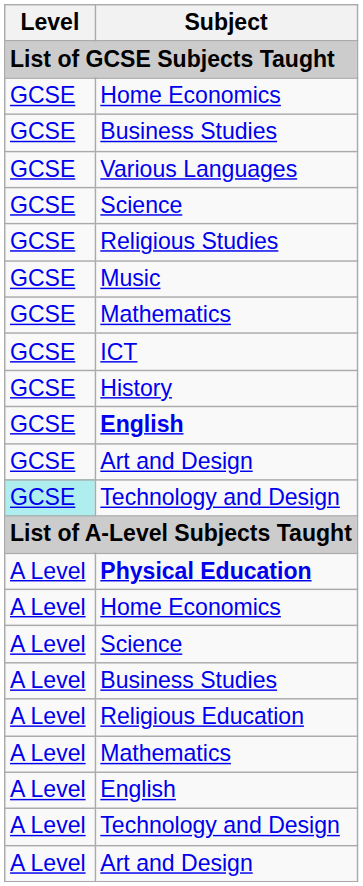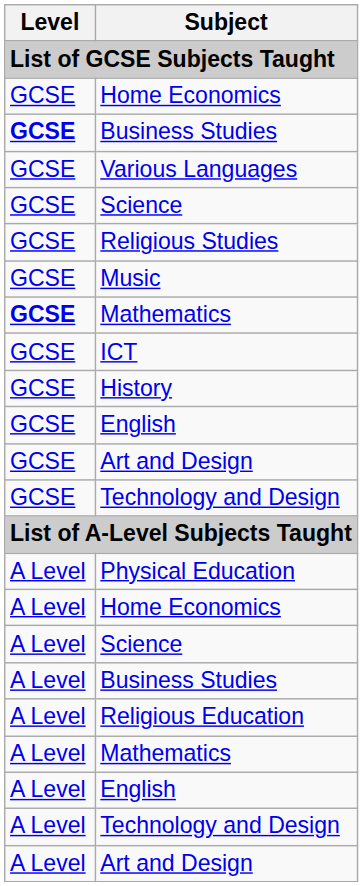 <table class="wikitable">
 <tr>
 <th><strong>Level</strong></th>
 <th><strong>Subject</strong></th>
 </tr>
 <tr>
 <td style="background:#ccc;" colspan="3"><strong>List of GCSE Subjects Taught</strong></td>
 </tr>
 <tr>
 <td><a href='#'>GCSE</a></td>
 <td><a href='#'>Home Economics</a></td>
 </tr>
 <tr>
-<td><a href='#'>GCSE</a></td>
+<td><strong><a href='#'>GCSE</a></strong></td>
 <td><a href='#'>Business Studies</a></td>
 </tr>
 <tr>
 <td><a href='#'>GCSE</a></td>
 <td><a href='#'>Various Languages</a></td>
 </tr>
 <tr>
 <td><a href='#'>GCSE</a></td>
 <td><a href='#'>Science</a></td>
 </tr>
 <tr>
 <td><a href='#'>GCSE</a></td>
 <td><a href='#'>Religious Studies</a></td>
 </tr>
 <tr>
 <td><a href='#'>GCSE</a></td>
 <td><a href='#'>Music</a></td>
 </tr>
 <tr>
-<td><a href='#'>GCSE</a></td>
+<td><strong><a href='#'>GCSE</a></strong></td>
 <td><a href='#'>Mathematics</a></td>
 </tr>
 <tr>
 <td><a href='#'>GCSE</a></td>
 <td><a href='#'>ICT</a></td>
 </tr>
 <tr>
 <td><a href='#'>GCSE</a></td>
 <td><a href='#'>History</a></td>
 </tr>
 <tr>
 <td><a href='#'>GCSE</a></td>
-<td><strong><a href='#'>English</a></strong></td>
+<td><a href='#'>English</a></td>
 </tr>
 <tr>
 <td><a href='#'>GCSE</a></td>
 <td><a href='#'>Art and Design</a></td>
 </tr>
 <tr>
-<td style="background: paleturquoise;"><a href='#'>GCSE</a></td>
+<td><a href='#'>GCSE</a></td>
 <td><a href='#'>Technology and Design</a></td>
 </tr>
 <tr>
 <td style="background:#ccc;" colspan="3"><strong>List of A-Level Subjects Taught</strong></td>
 </tr>
 <tr>
 <td><a href='#'>A Level</a></td>
-<td><strong><a href='#'>Physical Education</a></strong></td>
+<td><a href='#'>Physical Education</a></td>
 </tr>
 <tr>
 <td><a href='#'>A Level</a></td>
 <td><a href='#'>Home Economics</a></td>
 </tr>
 <tr>
 <td><a href='#'>A Level</a></td>
 <td><a href='#'>Science</a></td>
 </tr>
 <tr>
 <td><a href='#'>A Level</a></td>
 <td><a href='#'>Business Studies</a></td>
 </tr>
 <tr>
 <td><a href='#'>A Level</a></td>
 <td><a href='#'>Religious Education</a></td>
 </tr>
 <tr>
 <td><a href='#'>A Level</a></td>
 <td><a href='#'>Mathematics</a></td>
 </tr>
 <tr>
 <td><a href='#'>A Level</a></td>
 <td><a href='#'>English</a></td>
 </tr>
 <tr>
 <td><a href='#'>A Level</a></td>
 <td><a href='#'>Technology and Design</a></td>
 </tr>
 <tr>
 <td><a href='#'>A Level</a></td>
 <td><a href='#'>Art and Design</a></td>
 </tr>
 </table>
